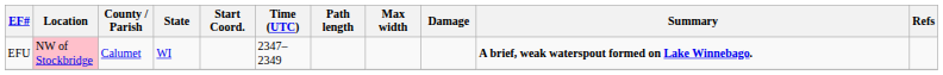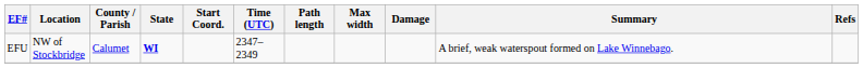 <table class="wikitable sortable" style="width:100%;">
 <tr>
 <th scope="col" width="3%" align="center"><a href='#'>EF#</a></th>
 <th scope="col" width="7%" align="center" class="unsortable">Location</th>
 <th scope="col" width="6%" align="center" class="unsortable">County / Parish</th>
 <th scope="col" width="5%" align="center">State</th>
 <th scope="col" width="6%" align="center">Start Coord.</th>
 <th scope="col" width="6%" align="center">Time (<a href='#'>UTC</a>)</th>
 <th scope="col" width="6%" align="center">Path length</th>
 <th scope="col" width="6%" align="center">Max width</th>
 <th scope="col" width="6%" align="center">Damage</th>
 <th scope="col" width="48%" class="unsortable" align="center">Summary</th>
 <th scope="col" width="48%" class="unsortable" align="center">Refs</th>
 </tr>
 <tr>
 <td>EFU</td>
-<td style="background: pink;">NW of <a href='#'>Stockbridge</a></td>
+<td>NW of <a href='#'>Stockbridge</a></td>
 <td><a href='#'>Calumet</a></td>
-<td><a href='#'>WI</a></td>
+<td><strong><a href='#'>WI</a></strong></td>
 <td></td>
 <td>2347–2349</td>
 <td></td>
 <td></td>
 <td></td>
-<td><strong>A brief, weak waterspout formed on <a href='#'>Lake Winnebago</a>.</strong></td>
+<td>A brief, weak waterspout formed on <a href='#'>Lake Winnebago</a>.</td>
 <td></td>
 </tr>
 <tr>
 </tr>
 </table>
